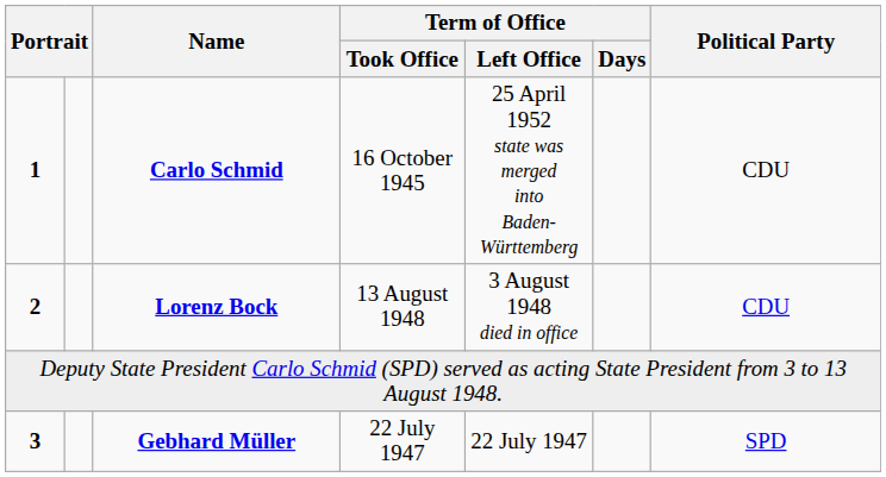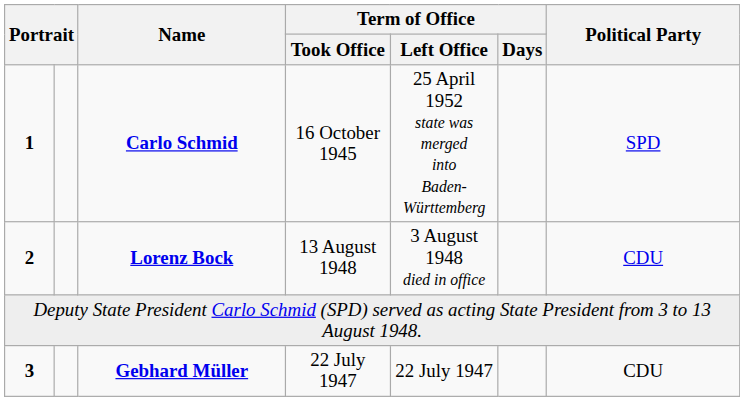 <table class="wikitable" style="text-align:center; width:100%; border:1px #AAAAFF solid">
 <tr>
 <th width=80px rowspan=2 colspan=2>Portrait</th>
 <th width=30% rowspan=2>Name<br></th>
 <th width=35% colspan=3>Term of Office</th>
 <th width=28% rowspan=2>Political Party</th>
 </tr>
 <tr>
 <th>Took Office</th>
 <th>Left Office</th>
 <th>Days</th>
 </tr>
 <tr>
 <td style="background:"><strong>1</strong></td>
 <td></td>
 <td><strong><a href='#'>Carlo Schmid</a></strong><br></td>
 <td>16 October 1945</td>
 <td>25 April 1952<br><small><em>state was merged<br>into<br>Baden-Württemberg</em></small></td>
 <td></td>
-<td>CDU</td>
+<td><a href='#'>SPD</a></td>
 </tr>
 <tr>
 <td style="background:"><strong>2</strong></td>
 <td></td>
 <td><strong><a href='#'>Lorenz Bock</a></strong><br></td>
 <td>13 August 1948</td>
 <td>3 August 1948<br><small><em>died in office</em></small></td>
 <td></td>
 <td><a href='#'>CDU</a></td>
 </tr>
 <tr>
 <td bgcolor=#EEEEEE colspan=10><em>Deputy State President <a href='#'>Carlo Schmid</a> (SPD) served as acting State President from 3 to 13 August 1948.</em></td>
 </tr>
 <tr>
 <td style="background:"><strong>3</strong></td>
 <td></td>
 <td><strong><a href='#'>Gebhard Müller</a></strong><br></td>
 <td>22 July 1947</td>
 <td>22 July 1947</td>
 <td></td>
-<td><a href='#'>SPD</a></td>
+<td>CDU</td>
 </tr>
 </table>
